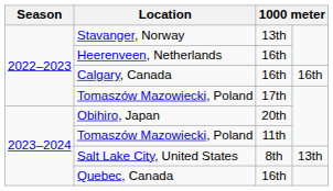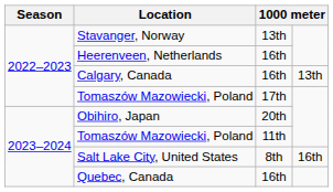 <table class="wikitable" style="display: inline-table;">
 <tr>
 <th>Season</th>
 <th>Location</th>
 <th colspan="2">1000 meter</th>
 </tr>
 <tr style="text-align:center">
 <td rowspan=4><a href='#'>2022–2023</a></td>
 <td align=left><a href='#'>Stavanger</a>, Norway</td>
 <td>13th</td>
 </tr>
 <tr style="text-align:center">
 <td align=left><a href='#'>Heerenveen</a>, Netherlands</td>
 <td>16th</td>
 </tr>
 <tr style="text-align:center">
 <td align=left><a href='#'>Calgary</a>, Canada</td>
 <td>16th</td>
-<td>16th</td>
+<td>13th</td>
 </tr>
 <tr style="text-align:center">
 <td align=left><a href='#'>Tomaszów Mazowiecki</a>, Poland</td>
 <td>17th</td>
 </tr>
 <tr style="text-align:center">
 <td rowspan=4><a href='#'>2023–2024</a></td>
 <td align=left><a href='#'>Obihiro</a>, Japan</td>
 <td>20th</td>
 </tr>
 <tr style="text-align:center">
 <td align=left><a href='#'>Tomaszów Mazowiecki</a>, Poland</td>
 <td>11th</td>
 </tr>
 <tr style="text-align:center">
 <td align=left><a href='#'>Salt Lake City</a>, United States</td>
 <td>8th</td>
-<td>13th</td>
+<td>16th</td>
 </tr>
 <tr style="text-align:center">
 <td align=left><a href='#'>Quebec</a>, Canada</td>
 <td>16th</td>
 </tr>
 </table>
